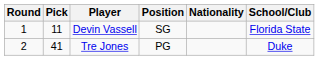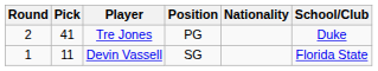 <table class="wikitable sortable sortable"  style="text-align: center">
 <tr>
 <th>Round</th>
 <th>Pick</th>
 <th>Player</th>
 <th>Position</th>
 <th>Nationality</th>
 <th>School/Club</th>
 </tr>
 <tr style="text-align: center">
+<td>2</td>
+<td>41</td>
+<td><a href='#'>Tre Jones</a></td>
+<td>PG</td>
+<td></td>
+<td><a href='#'>Duke</a></td>
+</tr>
+<tr style="text-align: center">
 <td>1</td>
 <td>11</td>
 <td><a href='#'>Devin Vassell</a></td>
 <td>SG</td>
 <td></td>
 <td><a href='#'>Florida State</a></td>
 </tr>
-<tr style="text-align: center">
-<td>2</td>
-<td>41</td>
-<td><a href='#'>Tre Jones</a></td>
-<td>PG</td>
-<td></td>
-<td><a href='#'>Duke</a></td>
-</tr>
 </table>
